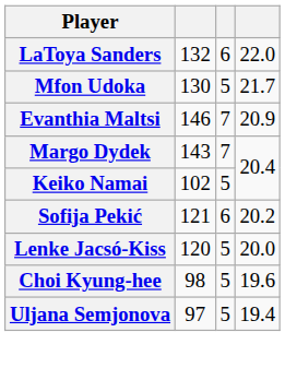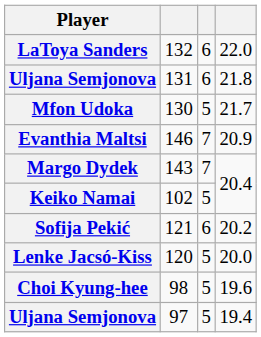 <table class="wikitable sortable plainrowheaders" style="text-align:center; display:inline-table;">
 <tr>
 <th scope="col">Player</th>
 <th scope="col"></th>
 <th scope="col"></th>
 <th scope="col"></th>
 </tr>
 <tr>
 <th scope="row"> <a href='#'>LaToya Sanders</a></th>
 <td>132</td>
 <td>6</td>
 <td>22.0</td>
+</tr>
+<tr>
+<th scope="row"> <a href='#'>Uljana Semjonova</a></th>
+<td>131</td>
+<td>6</td>
+<td>21.8</td>
 </tr>
 <tr>
 <th scope="row"> <a href='#'>Mfon Udoka</a></th>
 <td>130</td>
 <td>5</td>
 <td>21.7</td>
 </tr>
 <tr>
 <th scope="row"> <a href='#'>Evanthia Maltsi</a></th>
 <td>146</td>
 <td>7</td>
 <td>20.9</td>
 </tr>
 <tr>
 <th scope="row"> <a href='#'>Margo Dydek</a></th>
 <td>143</td>
 <td>7</td>
 <td rowspan="2">20.4</td>
 </tr>
 <tr>
 <th scope="row"> <a href='#'>Keiko Namai</a></th>
 <td>102</td>
 <td>5</td>
 </tr>
 <tr>
 <th scope="row"> <a href='#'>Sofija Pekić</a></th>
 <td>121</td>
 <td>6</td>
 <td>20.2</td>
 </tr>
 <tr>
 <th scope="row"> <a href='#'>Lenke Jacsó-Kiss</a></th>
 <td>120</td>
 <td>5</td>
 <td>20.0</td>
 </tr>
 <tr>
 <th scope="row"> <a href='#'>Choi Kyung-hee</a></th>
 <td>98</td>
 <td>5</td>
 <td>19.6</td>
 </tr>
 <tr>
 <th scope="row"> <a href='#'>Uljana Semjonova</a></th>
 <td>97</td>
 <td>5</td>
 <td>19.4</td>
 </tr>
 </table>
